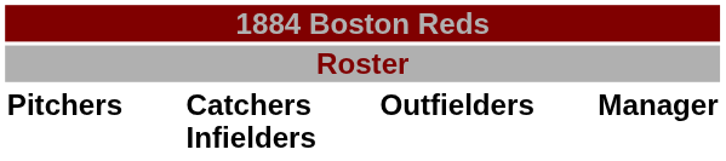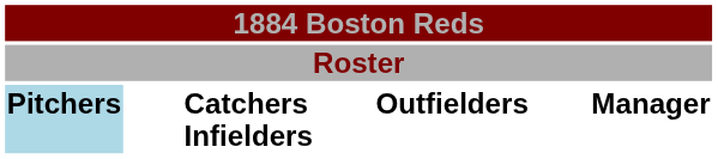 <table class="toccolours" style="font-size: 95%;">
 <tr>
 <th colspan="10" style="background-color: maroon; color: #B0B0B0; text-align: center;">1884 Boston Reds</th>
 </tr>
 <tr>
 <td colspan="10" style="background-color: #B0B0B0; color: maroon; text-align: center;"><strong>Roster</strong></td>
 </tr>
 <tr>
-<td valign="top"><strong>Pitchers</strong><br>    </td>
+<td valign="top" style="background: lightblue;"><strong>Pitchers</strong><br>    </td>
 <td width="25px"></td>
 <td valign="top"><strong>Catchers</strong><br>    <strong>Infielders</strong>    </td>
 <td width="25px"></td>
 <td valign="top"><strong>Outfielders</strong><br>           </td>
 <td width="25px"></td>
 <td valign="top"><strong>Manager</strong><br></td>
 </tr>
 </table>
